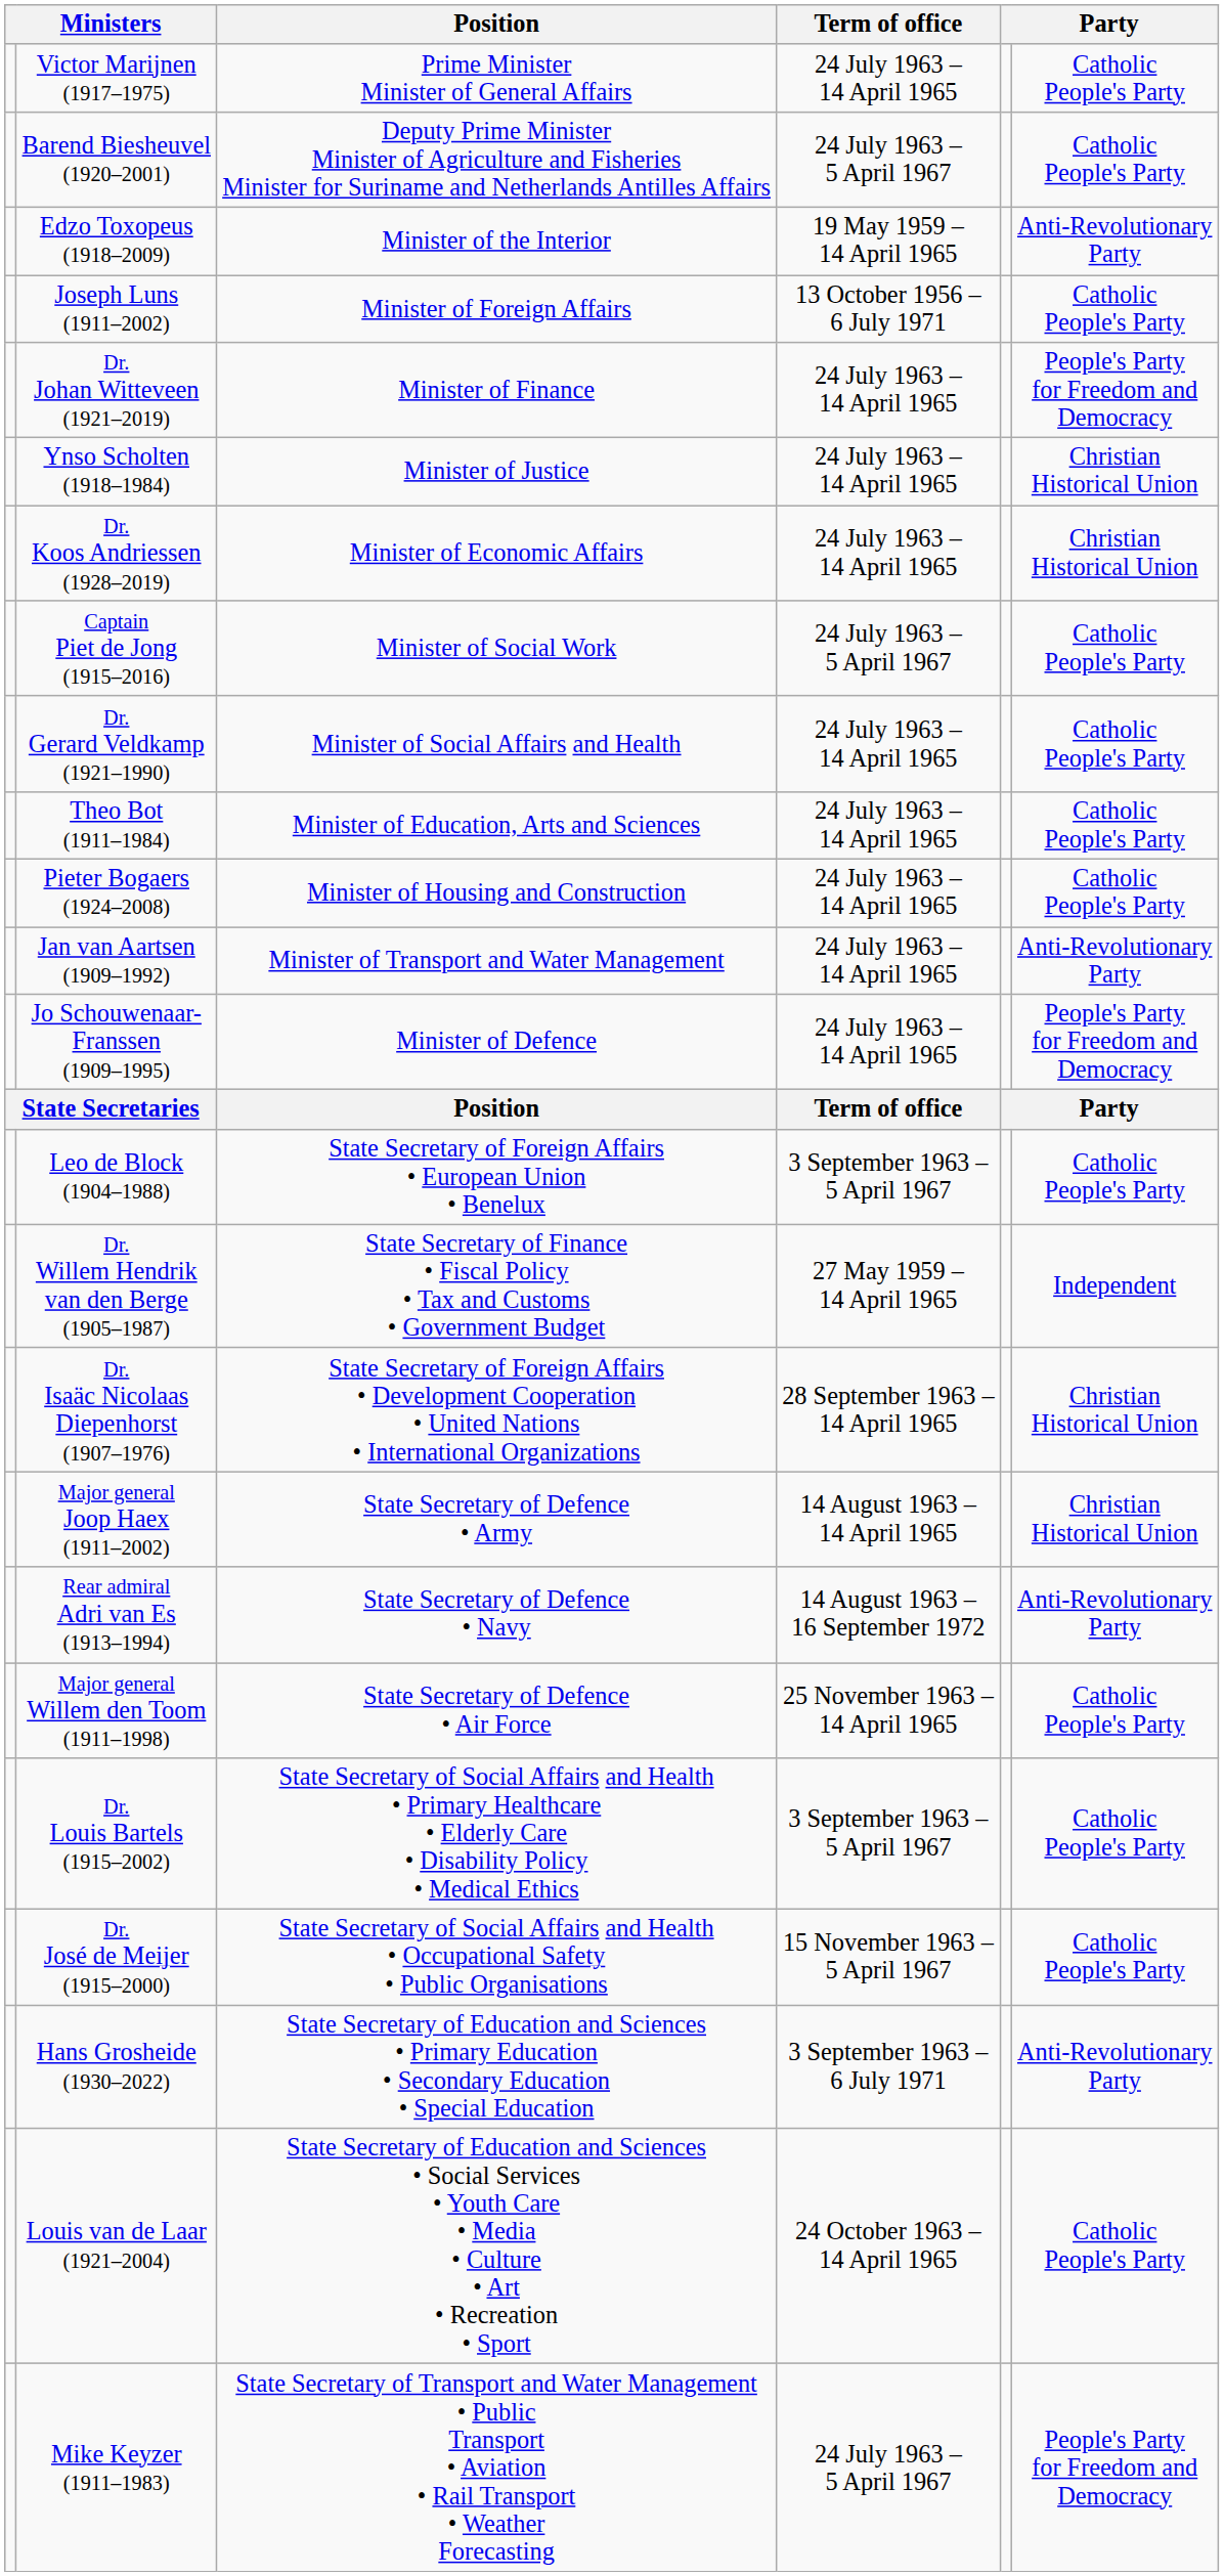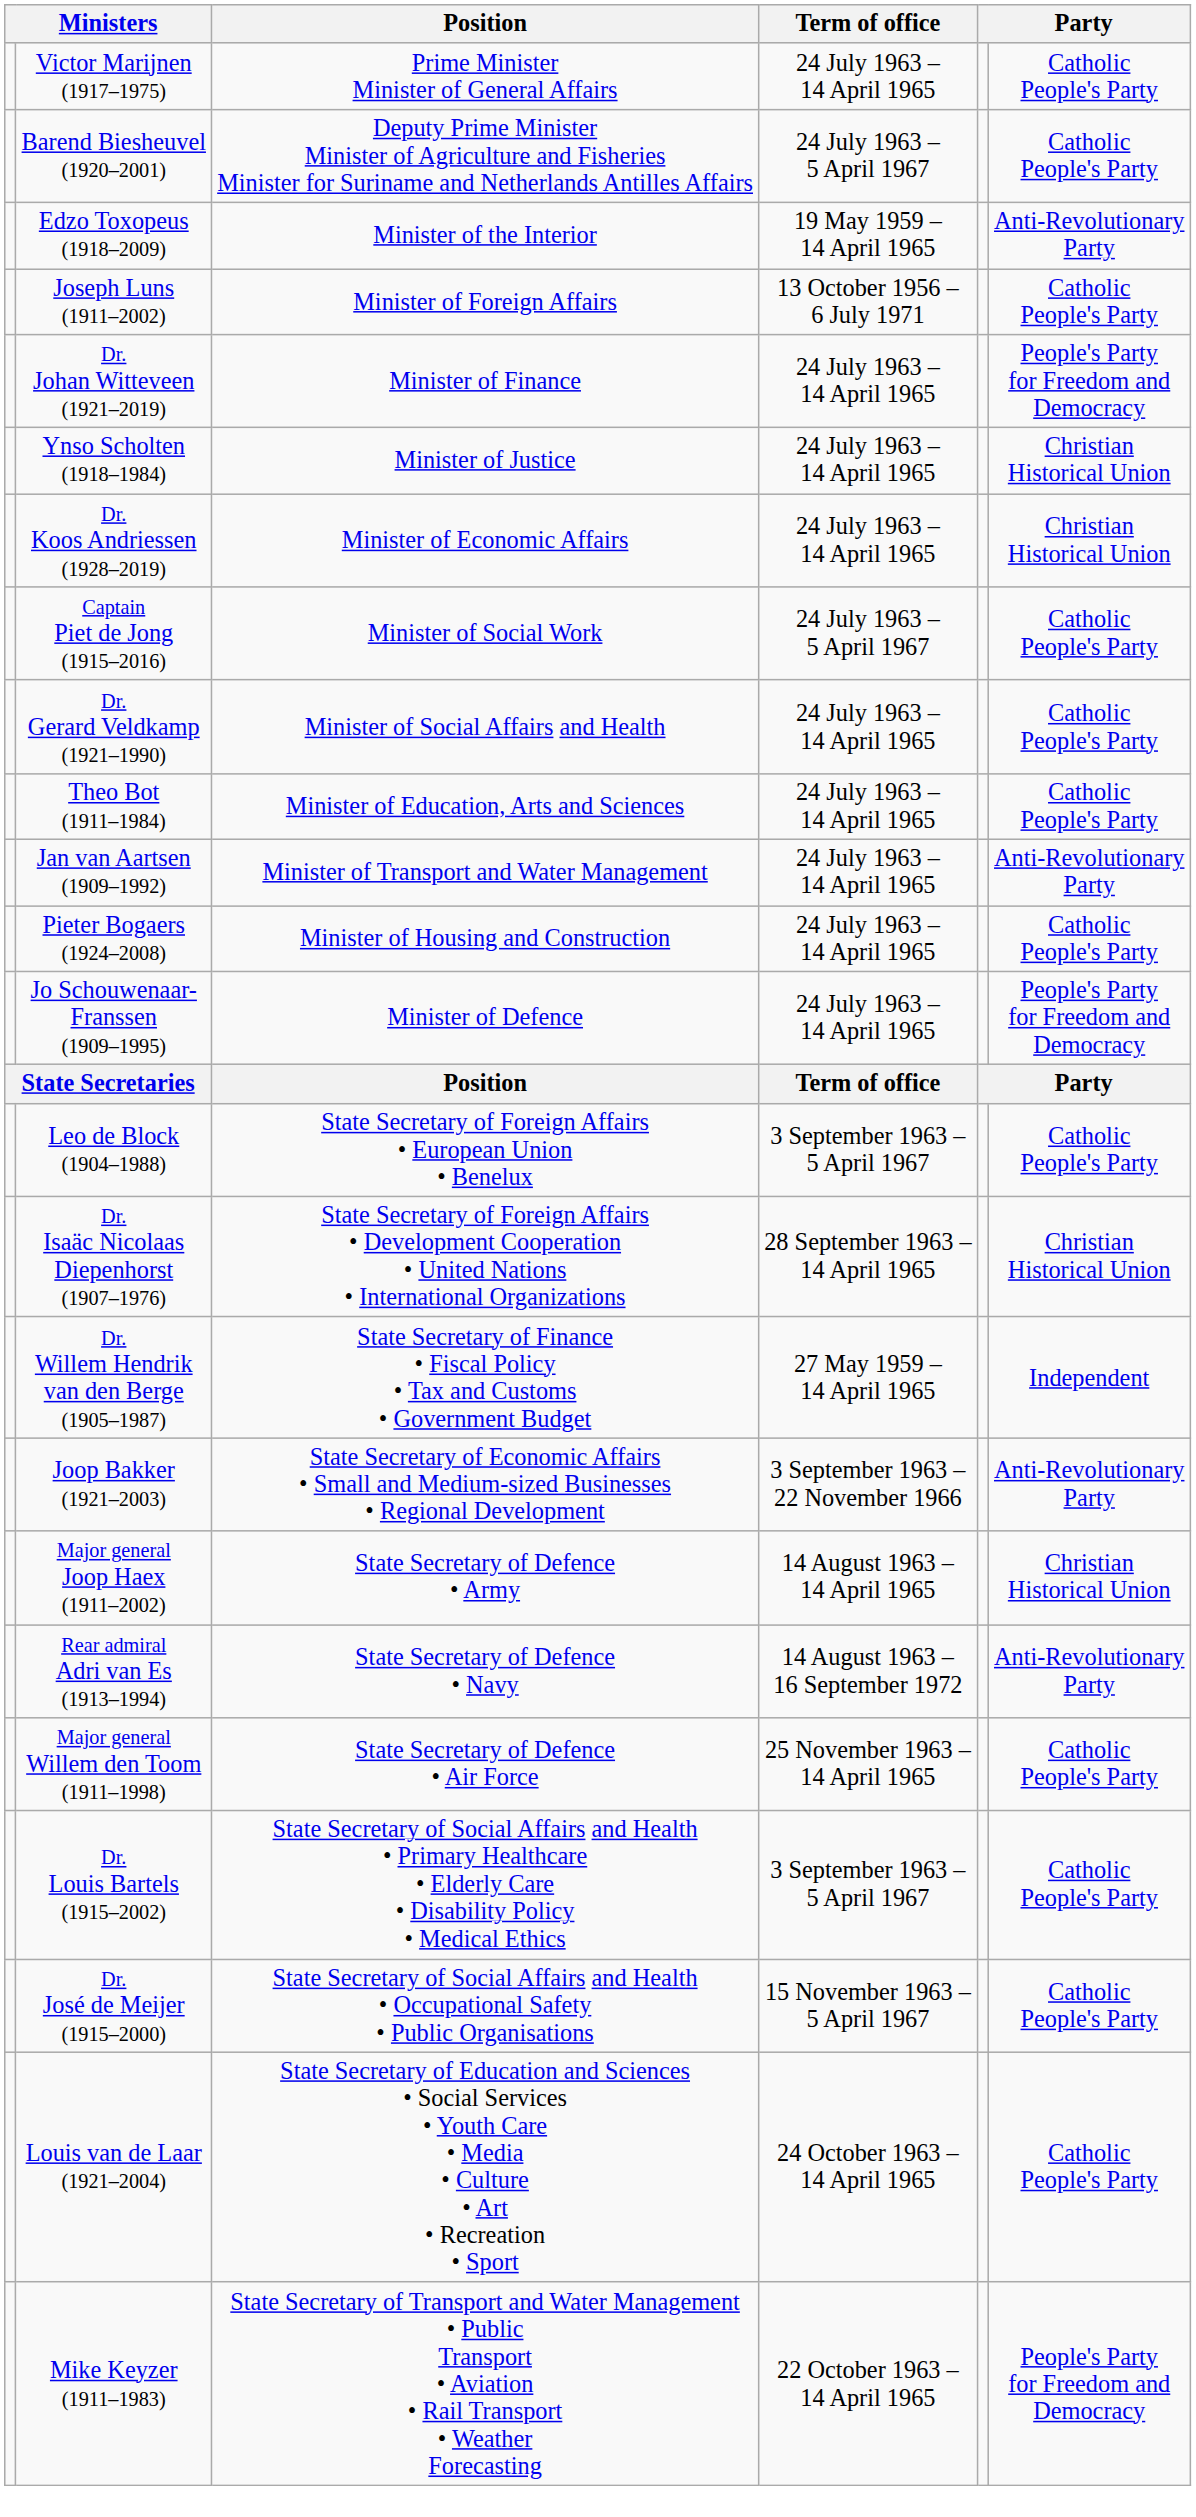 <table class="wikitable" style="text-align:center">
 <tr>
 <th colspan=2><a href='#'>Ministers</a></th>
 <th>Position</th>
 <th>Term of office</th>
 <th colspan=2>Party</th>
 </tr>
 <tr>
 <td></td>
 <td><a href='#'>Victor Marijnen</a> <br> <small>(1917–1975)</small></td>
 <td><a href='#'>Prime Minister</a> <br> <a href='#'>Minister of General Affairs</a></td>
 <td>24 July 1963 – <br> 14 April 1965</td>
 <td style="background:"></td>
 <td><a href='#'>Catholic <br> People's Party</a></td>
 </tr>
 <tr>
 <td></td>
 <td><a href='#'>Barend Biesheuvel</a> <br> <small>(1920–2001)</small></td>
 <td><a href='#'>Deputy Prime Minister</a> <br> <a href='#'>Minister of Agriculture and Fisheries</a> <br> <a href='#'>Minister for Suriname and Netherlands Antilles Affairs</a></td>
 <td>24 July 1963 – <br> 5 April 1967 <br> </td>
 <td style="background:"></td>
 <td><a href='#'>Catholic <br> People's Party</a></td>
 </tr>
 <tr>
 <td></td>
 <td><a href='#'>Edzo Toxopeus</a> <br> <small>(1918–2009)</small></td>
 <td><a href='#'>Minister of the Interior</a></td>
 <td>19 May 1959 – <br> 14 April 1965 <br> </td>
 <td style="background:"></td>
 <td><a href='#'>Anti-Revolutionary <br> Party</a></td>
 </tr>
 <tr>
 <td></td>
 <td><a href='#'>Joseph Luns</a> <br> <small>(1911–2002)</small></td>
 <td><a href='#'>Minister of Foreign Affairs</a></td>
 <td>13 October 1956 – <br> 6 July 1971 <br>  </td>
 <td style="background:"></td>
 <td><a href='#'>Catholic <br> People's Party</a></td>
 </tr>
 <tr>
 <td></td>
 <td><small><a href='#'>Dr.</a></small> <br> <a href='#'>Johan Witteveen</a> <br> <small>(1921–2019)</small></td>
 <td><a href='#'>Minister of Finance</a></td>
 <td>24 July 1963 – <br> 14 April 1965</td>
 <td style="background:"></td>
 <td><a href='#'>People's Party <br> for Freedom and <br> Democracy</a></td>
 </tr>
 <tr>
 <td></td>
 <td><a href='#'>Ynso Scholten</a> <br> <small>(1918–1984)</small></td>
 <td><a href='#'>Minister of Justice</a></td>
 <td>24 July 1963 – <br> 14 April 1965</td>
 <td style="background:"></td>
 <td><a href='#'>Christian <br> Historical Union</a></td>
 </tr>
 <tr>
 <td></td>
 <td><small><a href='#'>Dr.</a></small> <br> <a href='#'>Koos Andriessen</a> <br> <small>(1928–2019)</small></td>
 <td><a href='#'>Minister of Economic Affairs</a></td>
 <td>24 July 1963 – <br> 14 April 1965</td>
 <td style="background:"></td>
 <td><a href='#'>Christian <br> Historical Union</a></td>
 </tr>
 <tr>
 <td></td>
 <td><small><a href='#'>Captain</a></small> <br> <a href='#'>Piet de Jong</a> <br> <small>(1915–2016)</small></td>
 <td><a href='#'>Minister of Social Work</a></td>
 <td>24 July 1963 – <br> 5 April 1967 <br> </td>
 <td style="background:"></td>
 <td><a href='#'>Catholic <br> People's Party</a></td>
 </tr>
 <tr>
 <td></td>
 <td><small><a href='#'>Dr.</a></small> <br> <a href='#'>Gerard Veldkamp</a> <br> <small>(1921–1990)</small></td>
 <td><a href='#'>Minister of Social Affairs</a> <a href='#'>and Health</a></td>
 <td>24 July 1963 – <br> 14 April 1965</td>
 <td style="background:"></td>
 <td><a href='#'>Catholic <br> People's Party</a></td>
 </tr>
 <tr>
 <td></td>
 <td><a href='#'>Theo Bot</a> <br> <small>(1911–1984)</small></td>
 <td><a href='#'>Minister of Education, Arts and Sciences</a></td>
 <td>24 July 1963 – <br> 14 April 1965</td>
 <td style="background:"></td>
 <td><a href='#'>Catholic <br> People's Party</a></td>
 </tr>
 <tr>
 <td></td>
+<td><a href='#'>Jan van Aartsen</a> <br> <small>(1909–1992)</small></td>
+<td><a href='#'>Minister of Transport and Water Management</a></td>
+<td>24 July 1963 – <br> 14 April 1965</td>
+<td style="background:"></td>
+<td><a href='#'>Anti-Revolutionary <br> Party</a></td>
+</tr>
+<tr>
+<td></td>
 <td><a href='#'>Pieter Bogaers</a> <br> <small>(1924–2008)</small></td>
 <td><a href='#'>Minister of Housing and Construction</a></td>
 <td>24 July 1963 – <br> 14 April 1965</td>
 <td style="background:"></td>
 <td><a href='#'>Catholic <br> People's Party</a></td>
-</tr>
-<tr>
-<td></td>
-<td><a href='#'>Jan van Aartsen</a> <br> <small>(1909–1992)</small></td>
-<td><a href='#'>Minister of Transport and Water Management</a></td>
-<td>24 July 1963 – <br> 14 April 1965</td>
-<td style="background:"></td>
-<td><a href='#'>Anti-Revolutionary <br> Party</a></td>
 </tr>
 <tr>
 <td></td>
 <td><a href='#'>Jo Schouwenaar-<br>Franssen</a> <br> <small>(1909–1995)</small></td>
 <td><a href='#'>Minister of Defence</a></td>
 <td>24 July 1963 – <br> 14 April 1965</td>
 <td style="background:"></td>
 <td><a href='#'>People's Party <br> for Freedom and <br> Democracy</a></td>
 </tr>
 <tr>
 <th colspan=2><a href='#'>State Secretaries</a></th>
 <th>Position</th>
 <th>Term of office</th>
 <th colspan=2>Party</th>
 </tr>
 <tr>
 <td></td>
 <td><a href='#'>Leo de Block</a> <br> <small>(1904–1988)</small></td>
 <td><a href='#'>State Secretary of Foreign Affairs</a> <br> • <a href='#'>European Union</a> <br> • <a href='#'>Benelux</a></td>
 <td>3 September 1963 – <br> 5 April 1967 <br> </td>
 <td style="background:"></td>
 <td><a href='#'>Catholic <br> People's Party</a></td>
 </tr>
 <tr>
 <td></td>
+<td><small><a href='#'>Dr.</a></small> <br> <a href='#'>Isaäc Nicolaas <br> Diepenhorst</a> <br> <small>(1907–1976)</small></td>
+<td><a href='#'>State Secretary of Foreign Affairs</a> <br> • <a href='#'>Development Cooperation</a> <br> • <a href='#'>United Nations</a> <br> • <a href='#'>International Organizations</a></td>
+<td>28 September 1963 – <br> 14 April 1965</td>
+<td style="background:"></td>
+<td><a href='#'>Christian <br> Historical Union</a></td>
+</tr>
+<tr>
+<td></td>
 <td><small><a href='#'>Dr.</a></small> <br> <a href='#'>Willem Hendrik <br> van den Berge</a> <br> <small>(1905–1987)</small></td>
 <td><a href='#'>State Secretary of Finance</a> <br> • <a href='#'>Fiscal Policy</a> <br> • <a href='#'>Tax and Customs</a> <br> • <a href='#'>Government Budget</a></td>
 <td>27 May 1959 – <br> 14 April 1965 <br> </td>
 <td style="background:"></td>
 <td><a href='#'>Independent</a></td>
 </tr>
 <tr>
 <td></td>
-<td><small><a href='#'>Dr.</a></small> <br> <a href='#'>Isaäc Nicolaas <br> Diepenhorst</a> <br> <small>(1907–1976)</small></td>
-<td><a href='#'>State Secretary of Foreign Affairs</a> <br> • <a href='#'>Development Cooperation</a> <br> • <a href='#'>United Nations</a> <br> • <a href='#'>International Organizations</a></td>
-<td>28 September 1963 – <br> 14 April 1965</td>
+<td><a href='#'>Joop Bakker</a> <br> <small>(1921–2003)</small></td>
+<td><a href='#'>State Secretary of Economic Affairs</a> <br> • <a href='#'>Small and Medium-sized Businesses</a> <br> • <a href='#'>Regional Development</a></td>
+<td>3 September 1963 – <br> 22 November 1966 <br> </td>
 <td style="background:"></td>
-<td><a href='#'>Christian <br> Historical Union</a></td>
+<td><a href='#'>Anti-Revolutionary <br> Party</a></td>
 </tr>
 <tr>
 <td></td>
 <td><small><a href='#'>Major general</a></small> <br> <a href='#'>Joop Haex</a> <br> <small>(1911–2002)</small></td>
 <td><a href='#'>State Secretary of Defence</a> <br> • <a href='#'>Army</a></td>
 <td>14 August 1963 – <br> 14 April 1965</td>
 <td style="background:"></td>
 <td><a href='#'>Christian <br> Historical Union</a></td>
 </tr>
 <tr>
 <td></td>
 <td><small><a href='#'>Rear admiral</a></small> <br> <a href='#'>Adri van Es</a> <br> <small>(1913–1994)</small></td>
 <td><a href='#'>State Secretary of Defence</a> <br> • <a href='#'>Navy</a></td>
 <td>14 August 1963 – <br> 16 September 1972 <br> </td>
 <td style="background:"></td>
 <td><a href='#'>Anti-Revolutionary <br> Party</a></td>
 </tr>
 <tr>
 <td></td>
 <td><small><a href='#'>Major general</a></small> <br> <a href='#'>Willem den Toom</a> <br> <small>(1911–1998)</small></td>
 <td><a href='#'>State Secretary of Defence</a> <br> • <a href='#'>Air Force</a></td>
 <td>25 November 1963 – <br> 14 April 1965</td>
 <td style="background:"></td>
 <td><a href='#'>Catholic <br> People's Party</a></td>
 </tr>
 <tr>
 <td></td>
 <td><small><a href='#'>Dr.</a></small> <br> <a href='#'>Louis Bartels</a> <br> <small>(1915–2002)</small></td>
 <td><a href='#'>State Secretary of Social Affairs</a> <a href='#'>and Health</a> <br> • <a href='#'>Primary Healthcare</a> <br> • <a href='#'>Elderly Care</a> <br> • <a href='#'>Disability Policy</a> <br> • <a href='#'>Medical Ethics</a></td>
 <td>3 September 1963 – <br> 5 April 1967 <br> </td>
 <td style="background:"></td>
 <td><a href='#'>Catholic <br> People's Party</a></td>
 </tr>
 <tr>
 <td></td>
 <td><small><a href='#'>Dr.</a></small> <br> <a href='#'>José de Meijer</a> <br> <small>(1915–2000)</small></td>
 <td><a href='#'>State Secretary of Social Affairs</a> <a href='#'>and Health</a> <br> • <a href='#'>Occupational Safety</a> <br> • <a href='#'>Public Organisations</a></td>
 <td>15 November 1963 – <br> 5 April 1967 <br> </td>
 <td style="background:"></td>
 <td><a href='#'>Catholic <br> People's Party</a></td>
 </tr>
 <tr>
 <td></td>
-<td><a href='#'>Hans Grosheide</a> <br> <small>(1930–2022)</small></td>
-<td><a href='#'>State Secretary of Education and Sciences</a> <br> • <a href='#'>Primary Education</a> <br> • <a href='#'>Secondary Education</a> <br> • <a href='#'>Special Education</a></td>
-<td>3 September 1963 – <br> 6 July 1971 <br> </td>
-<td style="background:"></td>
-<td><a href='#'>Anti-Revolutionary <br> Party</a></td>
-</tr>
-<tr>
-<td></td>
 <td><a href='#'>Louis van de Laar</a> <br> <small>(1921–2004)</small></td>
 <td><a href='#'>State Secretary of Education and Sciences</a> <br> • Social Services <br> • <a href='#'>Youth Care</a> <br> • <a href='#'>Media</a> <br> • <a href='#'>Culture</a> <br> • <a href='#'>Art</a> <br> • Recreation <br> • <a href='#'>Sport</a></td>
 <td>24 October 1963 – <br> 14 April 1965</td>
 <td style="background:"></td>
 <td><a href='#'>Catholic <br> People's Party</a></td>
 </tr>
 <tr>
 <td></td>
 <td><a href='#'>Mike Keyzer</a> <br> <small>(1911–1983)</small></td>
 <td><a href='#'>State Secretary of Transport and Water Management</a> <br> • <a href='#'>Public <br> Transport</a> <br> • <a href='#'>Aviation</a> <br> • <a href='#'>Rail Transport</a> <br> • <a href='#'>Weather <br> Forecasting</a></td>
-<td>24 July 1963 – <br> 5 April 1967 <br> </td>
+<td>22 October 1963 – <br> 14 April 1965</td>
 <td style="background:"></td>
 <td><a href='#'>People's Party <br> for Freedom and <br> Democracy</a></td>
 </tr>
 </table>
